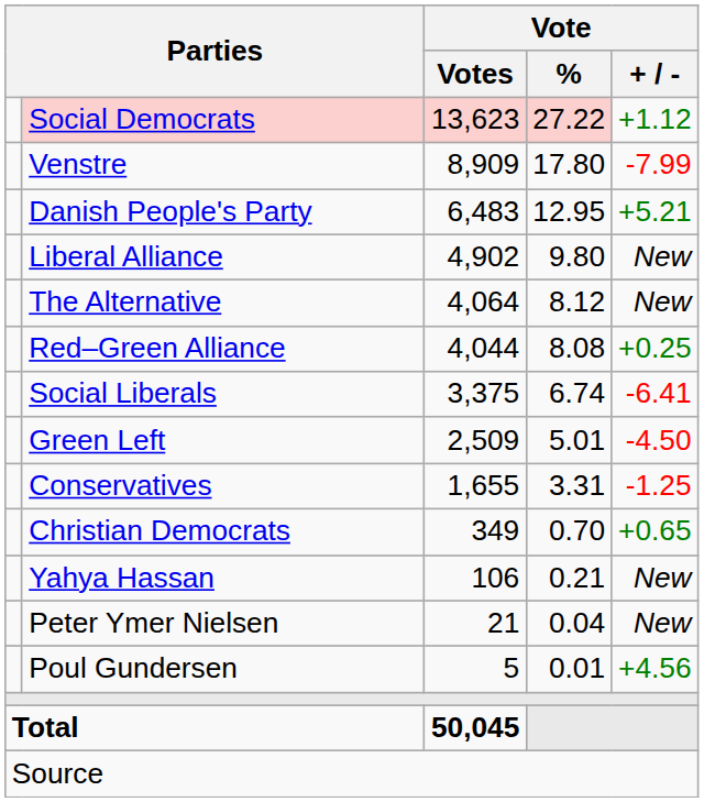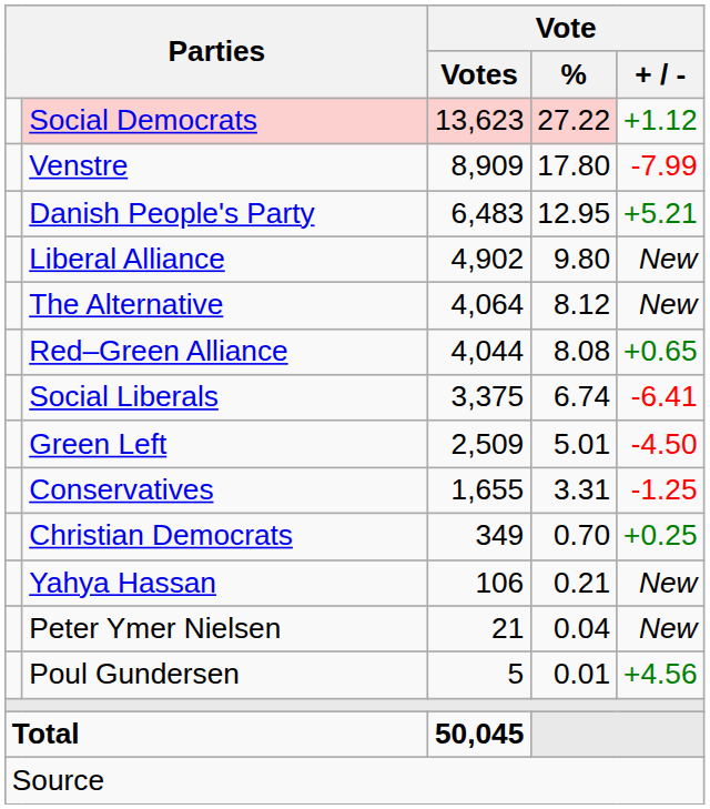 <table class="wikitable" style="text-align:right;">
 <tr>
 <th style="text-align:centre;" rowspan="2" colspan="2" width="225">Parties</th>
 <th colspan="3">Vote</th>
 </tr>
 <tr>
 <th width="15">Votes</th>
 <th width="15">%</th>
 <th width="15">+ / -</th>
 </tr>
 <tr>
 <td width="2" style="color:inherit;background:"></td>
 <td bgcolor=#fbd0ce  align="left"><a href='#'>Social Democrats</a></td>
 <td bgcolor=#fbd0ce>13,623</td>
 <td bgcolor=#fbd0ce>27.22</td>
 <td style=color:green;>+1.12</td>
 </tr>
 <tr>
 <td width="2" style="color:inherit;background:"></td>
 <td align="left"><a href='#'>Venstre</a></td>
 <td>8,909</td>
 <td>17.80</td>
 <td style=color:red;>-7.99</td>
 </tr>
 <tr>
 <td width="2" style="color:inherit;background:"></td>
 <td align="left"><a href='#'>Danish People's Party</a></td>
 <td>6,483</td>
 <td>12.95</td>
 <td style=color:green;>+5.21</td>
 </tr>
 <tr>
 <td width="2" style="color:inherit;background:"></td>
 <td align="left"><a href='#'>Liberal Alliance</a></td>
 <td>4,902</td>
 <td>9.80</td>
 <td><em>New</em></td>
 </tr>
 <tr>
 <td width="2" style="color:inherit;background:"></td>
 <td align="left"><a href='#'>The Alternative</a></td>
 <td>4,064</td>
 <td>8.12</td>
 <td><em>New</em></td>
 </tr>
 <tr>
 <td width="2" style="color:inherit;background:"></td>
 <td align="left"><a href='#'>Red–Green Alliance</a></td>
 <td>4,044</td>
 <td>8.08</td>
-<td style=color:green;>+0.25</td>
+<td style=color:green;>+0.65</td>
 </tr>
 <tr>
 <td width="2" style="color:inherit;background:"></td>
 <td align="left"><a href='#'>Social Liberals</a></td>
 <td>3,375</td>
 <td>6.74</td>
 <td style=color:red;>-6.41</td>
 </tr>
 <tr>
 <td width="2" style="color:inherit;background:"></td>
 <td align="left"><a href='#'>Green Left</a></td>
 <td>2,509</td>
 <td>5.01</td>
 <td style=color:red;>-4.50</td>
 </tr>
 <tr>
 <td width="2" style="color:inherit;background:"></td>
 <td align="left"><a href='#'>Conservatives</a></td>
 <td>1,655</td>
 <td>3.31</td>
 <td style=color:red;>-1.25</td>
 </tr>
 <tr>
 <td width="2" style="color:inherit;background:"></td>
 <td align="left"><a href='#'>Christian Democrats</a></td>
 <td>349</td>
 <td>0.70</td>
-<td style=color:green;>+0.65</td>
+<td style=color:green;>+0.25</td>
 </tr>
 <tr>
 <td width="2" style="color:inherit;background:"></td>
 <td align="left"><a href='#'>Yahya Hassan</a></td>
 <td>106</td>
 <td>0.21</td>
 <td><em>New</em></td>
 </tr>
 <tr>
 <td width="2" style="color:inherit;background:"></td>
 <td align="left">Peter Ymer Nielsen</td>
 <td>21</td>
 <td>0.04</td>
 <td><em>New</em></td>
 </tr>
 <tr>
 <td width="2" style="color:inherit;background:"></td>
 <td align="left">Poul Gundersen</td>
 <td>5</td>
 <td>0.01</td>
 <td style=color:green;>+4.56</td>
 </tr>
 <tr>
 <td colspan="7" bgcolor="#E9E9E9"></td>
 </tr>
 <tr>
 <td align="left" colspan="2"><strong>Total</strong></td>
 <td><strong>50,045</strong></td>
 <td bgcolor="#E9E9E9" colspan="2"></td>
 </tr>
 <tr>
 <td align="left" colspan="6">Source</td>
 </tr>
 </table>
